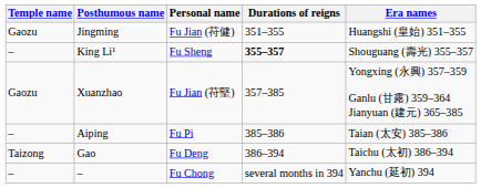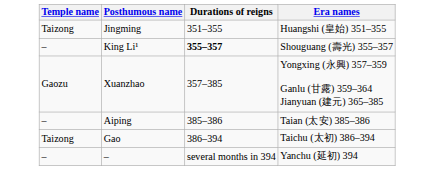 <table class="wikitable" style="margin-left: auto; margin-right: auto; border: none;">
 <tr>
 <th><a href='#'>Temple name</a></th>
 <th><a href='#'>Posthumous name</a></th>
-<th>Personal name</th>
 <th>Durations of reigns</th>
 <th><a href='#'>Era names</a></th>
 </tr>
 <tr>
-<td>Gaozu</td>
+<td>Taizong</td>
 <td>Jingming</td>
-<td><a href='#'>Fu Jian</a> (苻健)</td>
 <td>351–355</td>
 <td>Huangshi (皇始) 351–355<br></td>
 </tr>
 <tr>
 <td>–</td>
 <td>King Li¹</td>
-<td><a href='#'>Fu Sheng</a></td>
 <td><strong>355–357</strong></td>
 <td>Shouguang (壽光) 355–357<br></td>
 </tr>
 <tr>
 <td>Gaozu</td>
 <td>Xuanzhao</td>
-<td><a href='#'>Fu Jian</a> (苻堅)</td>
 <td>357–385</td>
 <td>Yongxing (永興) 357–359<br><br>Ganlu (甘露) 359–364<br> Jianyuan (建元) 365–385<br></td>
 </tr>
 <tr>
 <td>–</td>
 <td>Aiping</td>
-<td><a href='#'>Fu Pi</a></td>
 <td>385–386</td>
 <td>Taian (太安) 385–386<br></td>
 </tr>
 <tr>
 <td>Taizong</td>
 <td>Gao</td>
-<td><a href='#'>Fu Deng</a></td>
 <td>386–394</td>
 <td>Taichu (太初) 386–394<br></td>
 </tr>
 <tr>
 <td>–</td>
 <td>–</td>
-<td><a href='#'>Fu Chong</a></td>
 <td>several months in 394</td>
 <td>Yanchu (延初) 394<br></td>
 </tr>
 </table>
